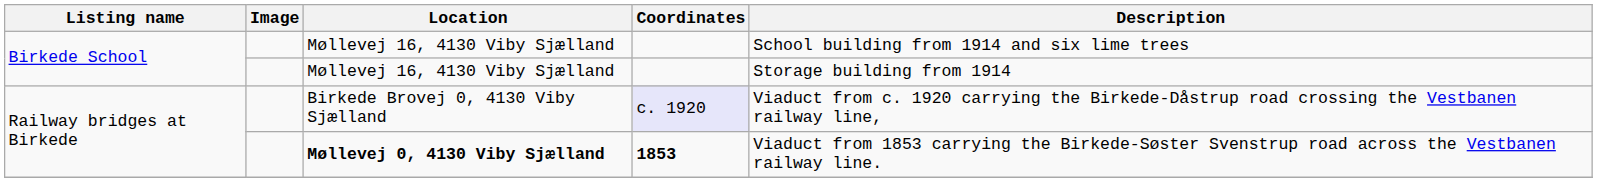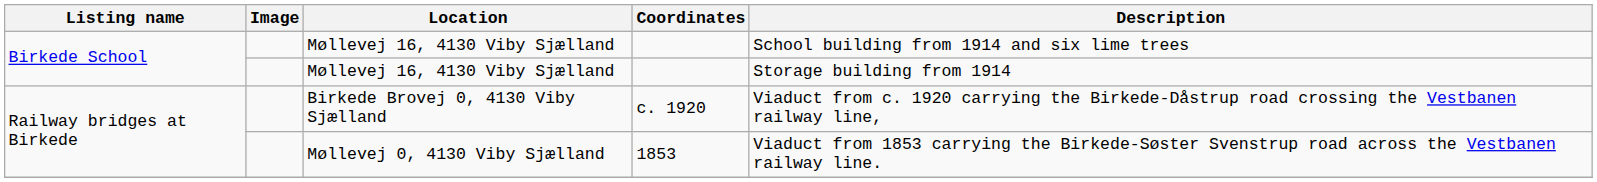 <table class="wikitable sortable">
 <tr>
 <th>Listing name</th>
 <th>Image</th>
 <th>Location</th>
 <th>Coordinates</th>
 <th>Description</th>
 </tr>
 <tr>
 <td rowspan="2"><a href='#'>Birkede School</a></td>
 <td></td>
 <td>Møllevej 16, 4130 Viby Sjælland</td>
 <td></td>
 <td>School building from 1914 and six lime trees</td>
 </tr>
 <tr>
 <td></td>
 <td>Møllevej 16, 4130 Viby Sjælland</td>
 <td></td>
 <td>Storage building from 1914</td>
 </tr>
 <tr>
 <td rowspan="2">Railway bridges at Birkede</td>
 <td></td>
 <td>Birkede Brovej 0, 4130 Viby Sjælland</td>
-<td style="background: lavender;">c. 1920</td>
+<td>c. 1920</td>
 <td>Viaduct from c. 1920 carrying  the Birkede-Dåstrup road crossing the <a href='#'>Vestbanen</a> railway line,</td>
 </tr>
 <tr>
 <td></td>
-<td><strong>Møllevej 0, 4130 Viby Sjælland</strong></td>
-<td><strong>1853</strong></td>
+<td>Møllevej 0, 4130 Viby Sjælland</td>
+<td>1853</td>
 <td>Viaduct from 1853 carrying the Birkede-Søster Svenstrup road across the <a href='#'>Vestbanen</a> railway line.</td>
 </tr>
 <tr>
 </tr>
 </table>
